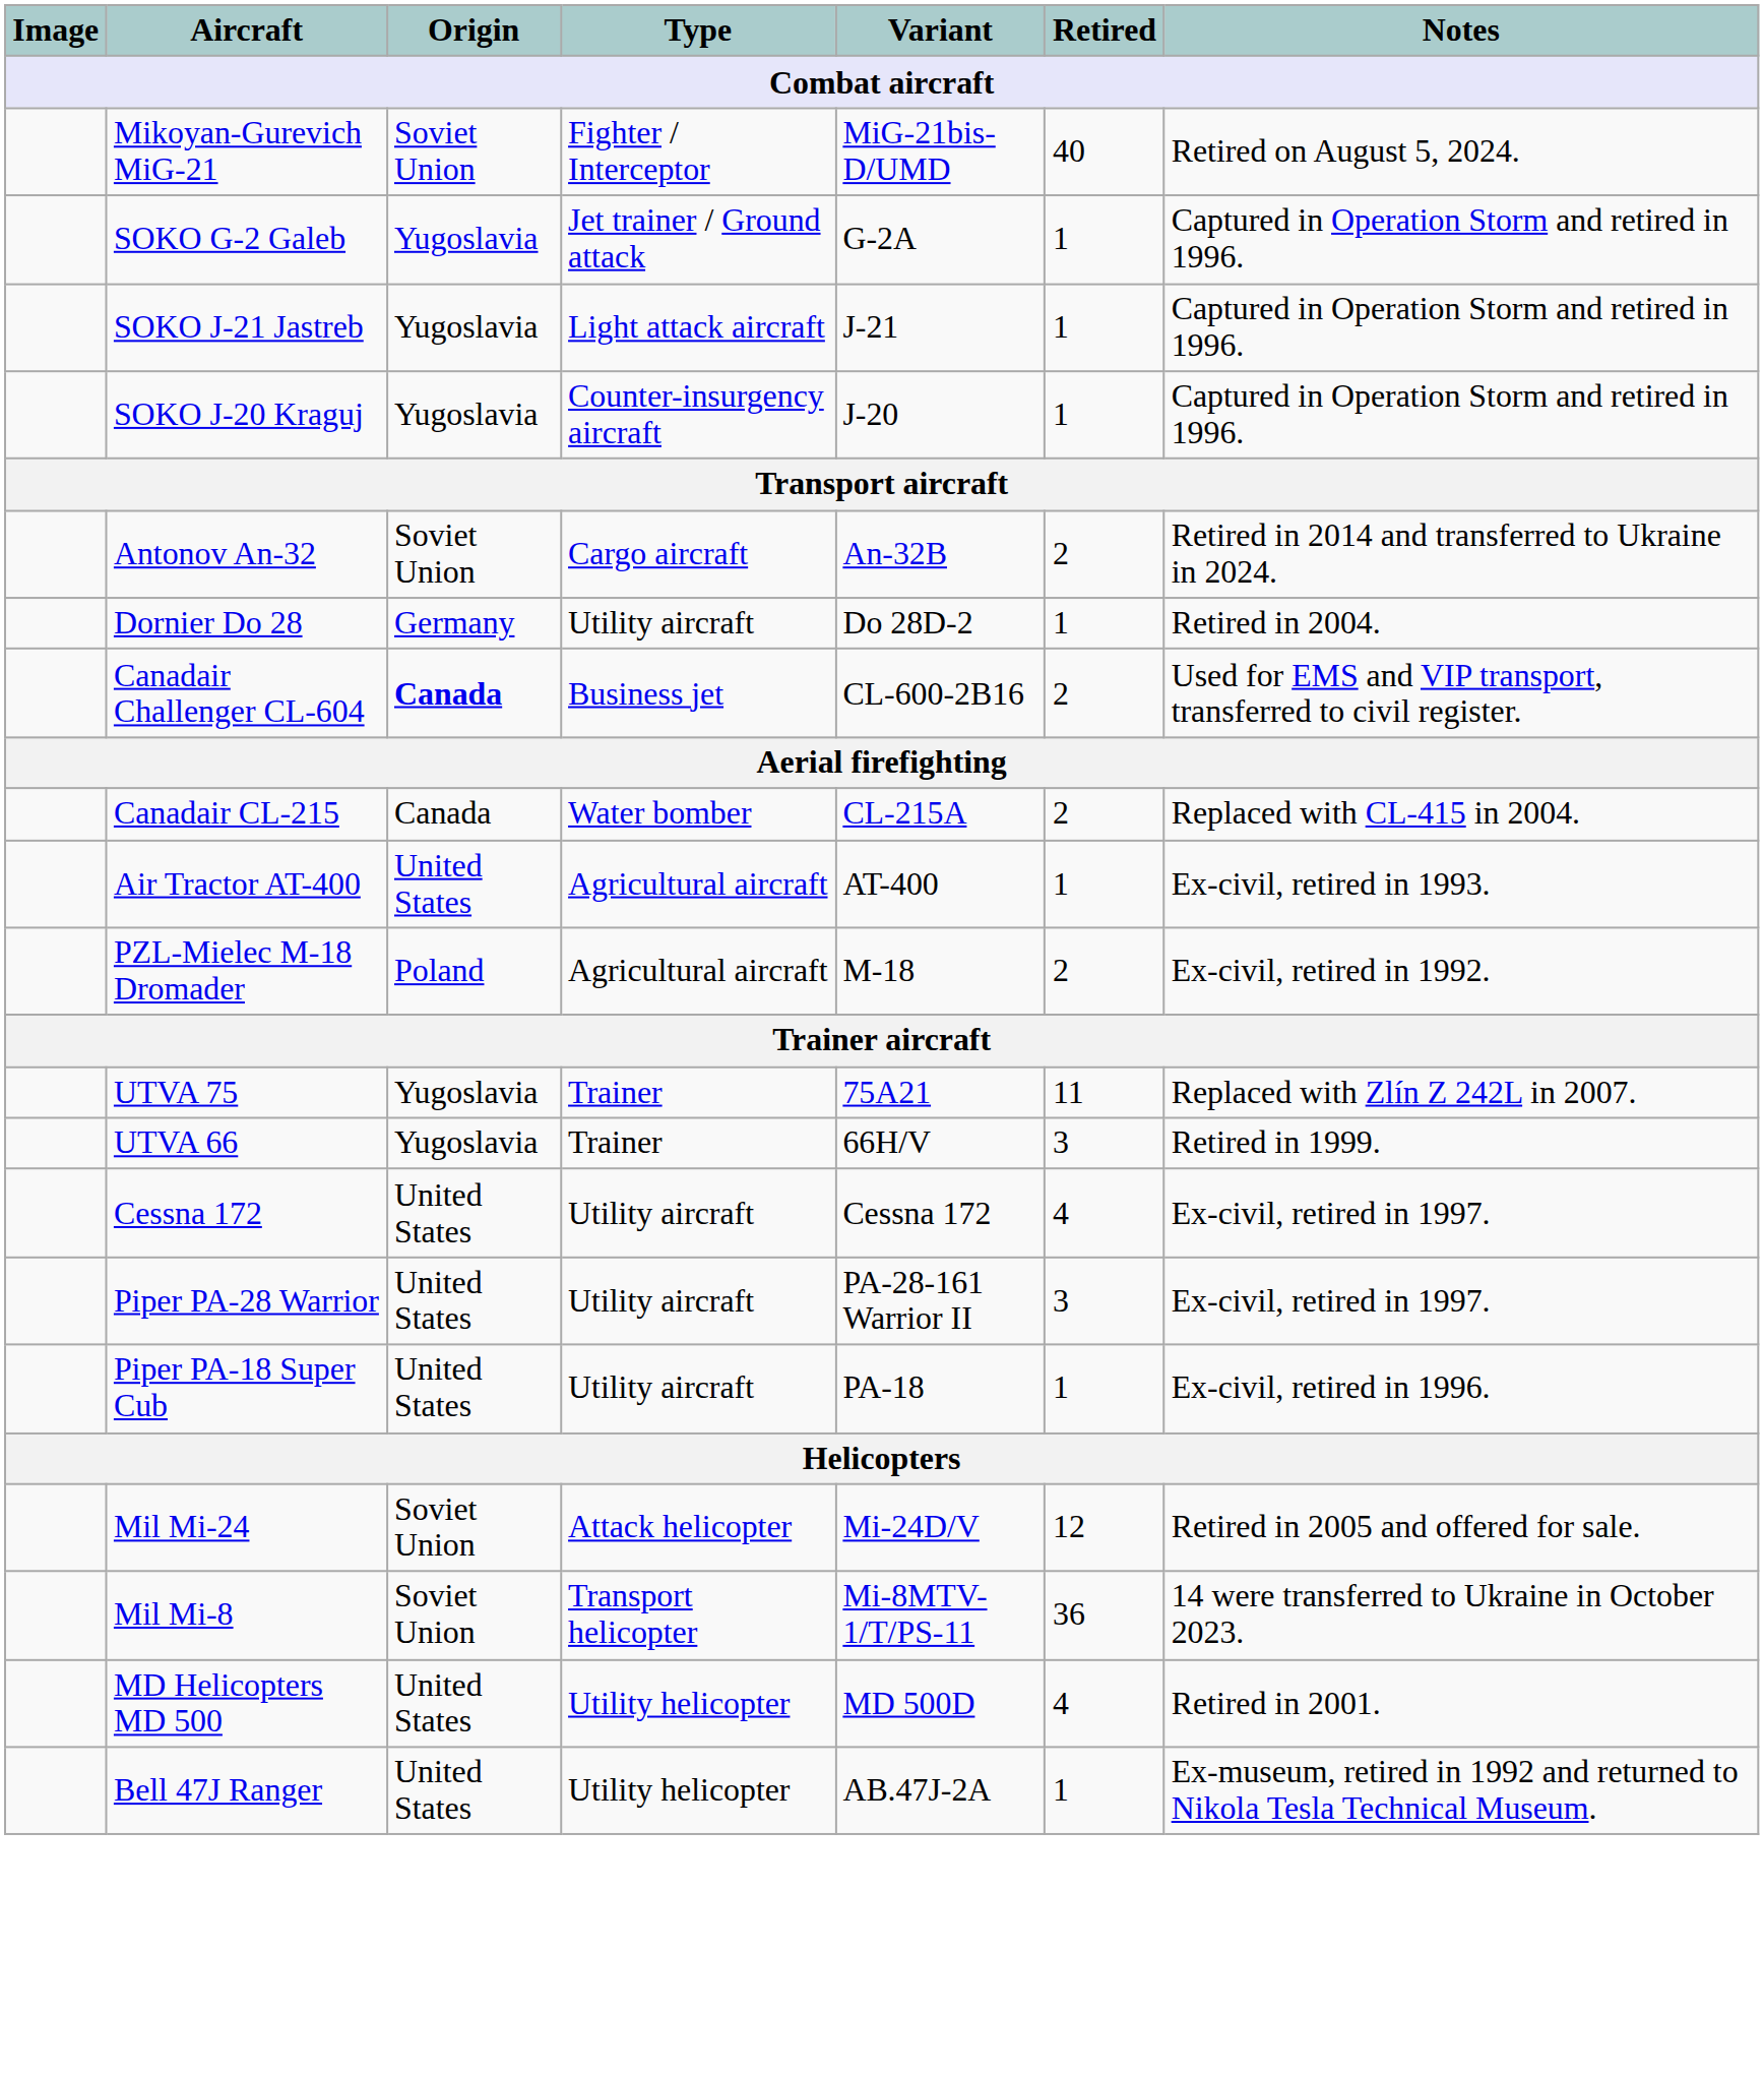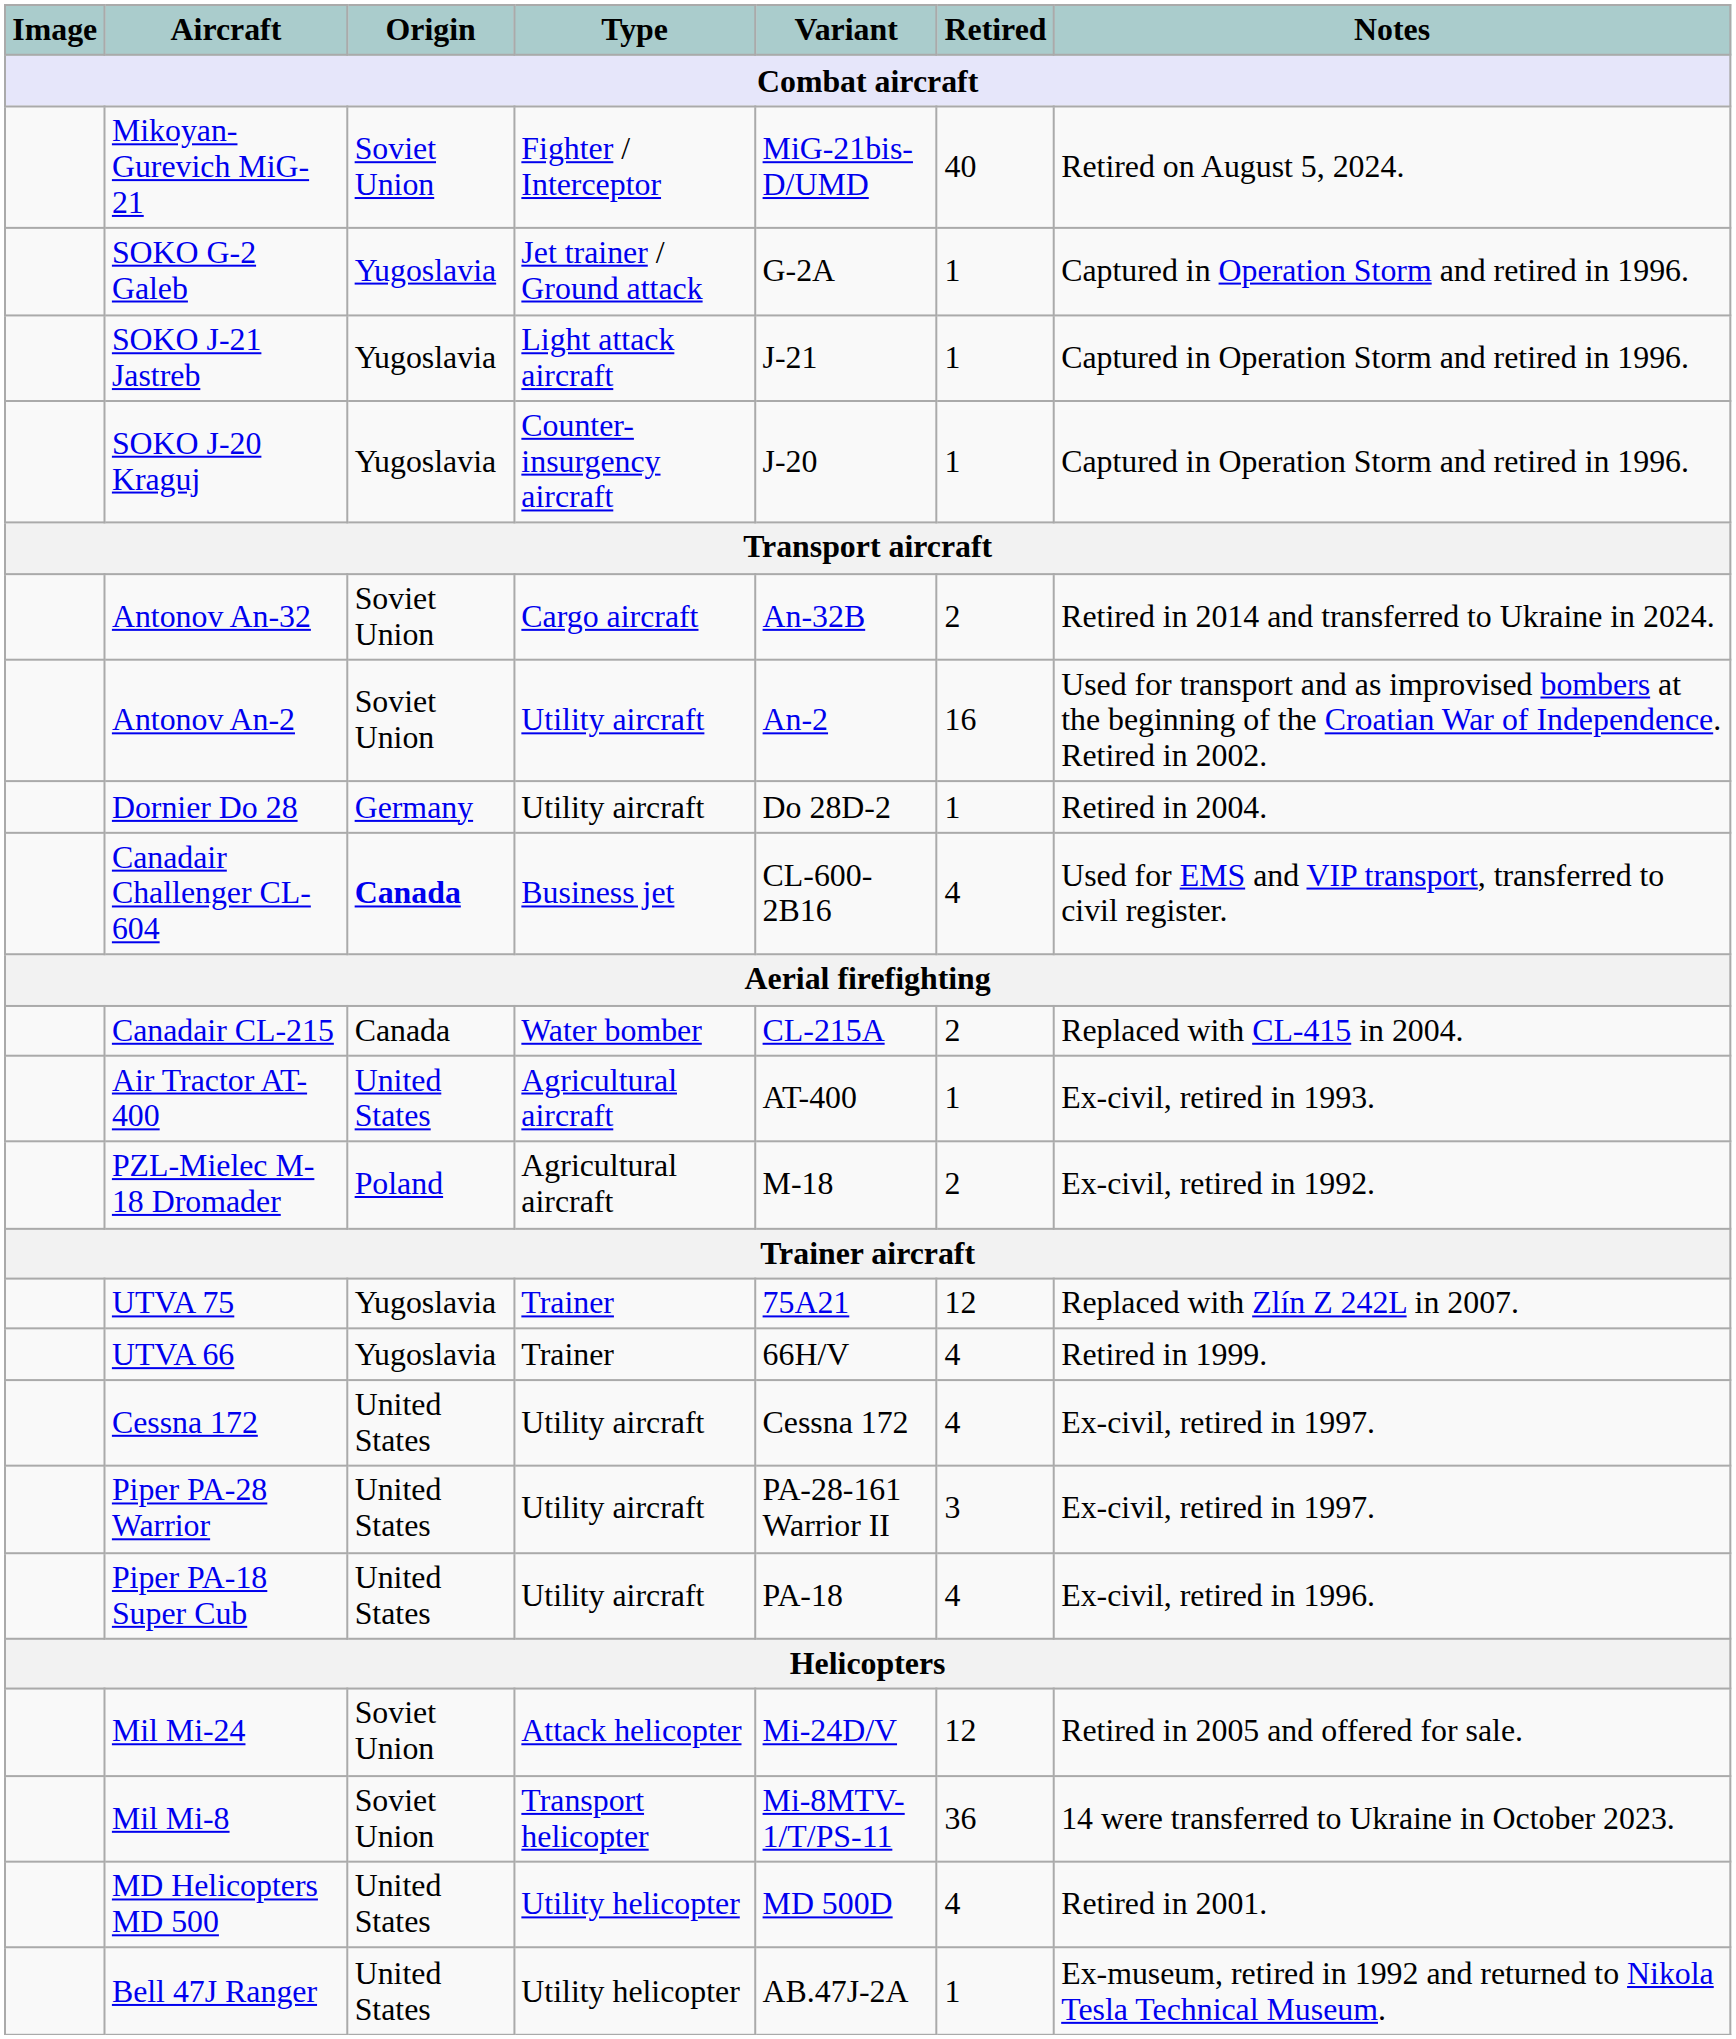 <table class="wikitable">
 <tr>
 <th style="text-align:center; background:#acc;">Image</th>
 <th style="text-align:center; background:#acc;">Aircraft</th>
 <th style="text-align:center; background:#acc;">Origin</th>
 <th style="text-align:center; background:#acc;">Type</th>
 <th style="text-align:center; background:#acc;">Variant</th>
 <th style="text-align:center; background:#acc;">Retired</th>
 <th style="text-align:center; background:#acc;">Notes</th>
 </tr>
 <tr>
 <th colspan="7" style="align: center; background: lavender;">Combat aircraft</th>
 </tr>
 <tr>
 <td></td>
 <td><a href='#'>Mikoyan-Gurevich MiG-21</a></td>
 <td><a href='#'>Soviet Union</a></td>
 <td><a href='#'>Fighter</a> / <a href='#'>Interceptor</a></td>
 <td><a href='#'>MiG-21bis-D/UMD</a></td>
 <td>40</td>
 <td>Retired on August 5, 2024.</td>
 </tr>
 <tr>
 <td></td>
 <td><a href='#'>SOKO G-2 Galeb</a></td>
 <td><a href='#'>Yugoslavia</a></td>
 <td><a href='#'>Jet trainer</a> / <a href='#'>Ground attack</a></td>
 <td>G-2A</td>
 <td>1</td>
 <td>Captured in <a href='#'>Operation Storm</a> and retired in 1996.</td>
 </tr>
 <tr>
 <td></td>
 <td><a href='#'>SOKO J-21 Jastreb</a></td>
 <td>Yugoslavia</td>
 <td><a href='#'>Light attack aircraft</a></td>
 <td>J-21</td>
 <td>1</td>
 <td>Captured in Operation Storm and retired in 1996.</td>
 </tr>
 <tr>
 <td></td>
 <td><a href='#'>SOKO J-20 Kraguj</a></td>
 <td>Yugoslavia</td>
 <td><a href='#'>Counter-insurgency aircraft</a></td>
 <td>J-20</td>
 <td>1</td>
 <td>Captured in Operation Storm and retired in 1996.</td>
 </tr>
 <tr>
 <th colspan="7">Transport aircraft</th>
 </tr>
 <tr>
 <td></td>
 <td><a href='#'>Antonov An-32</a></td>
 <td>Soviet Union</td>
 <td><a href='#'>Cargo aircraft</a></td>
 <td><a href='#'>An-32B</a></td>
 <td>2</td>
 <td>Retired in 2014 and transferred to Ukraine in 2024.</td>
 </tr>
 <tr>
 <td></td>
+<td><a href='#'>Antonov An-2</a></td>
+<td>Soviet Union</td>
+<td><a href='#'>Utility aircraft</a></td>
+<td><a href='#'>An-2</a></td>
+<td>16</td>
+<td>Used for transport and as improvised <a href='#'>bombers</a> at the beginning of the <a href='#'>Croatian War of Independence</a>. Retired in 2002.</td>
+</tr>
+<tr>
+<td></td>
 <td><a href='#'>Dornier Do 28</a></td>
 <td><a href='#'>Germany</a></td>
 <td>Utility aircraft</td>
 <td>Do 28D-2</td>
 <td>1</td>
 <td>Retired in 2004.</td>
 </tr>
 <tr>
 <td></td>
 <td><a href='#'>Canadair Challenger CL-604</a></td>
 <td><strong><a href='#'>Canada</a></strong></td>
 <td><a href='#'>Business jet</a></td>
 <td>CL-600-2B16</td>
-<td>2</td>
+<td>4</td>
 <td>Used for <a href='#'>EMS</a> and <a href='#'>VIP transport</a>, transferred to civil register.</td>
 </tr>
 <tr>
 <th colspan="7">Aerial firefighting</th>
 </tr>
 <tr>
 <td></td>
 <td><a href='#'>Canadair CL-215</a></td>
 <td>Canada</td>
 <td><a href='#'>Water bomber</a></td>
 <td><a href='#'>CL-215A</a></td>
 <td>2</td>
 <td>Replaced with <a href='#'>CL-415</a> in 2004.</td>
 </tr>
 <tr>
 <td></td>
 <td><a href='#'>Air Tractor AT-400</a></td>
 <td><a href='#'>United States</a></td>
 <td><a href='#'>Agricultural aircraft</a></td>
 <td>AT-400</td>
 <td>1</td>
 <td>Ex-civil, retired in 1993.</td>
 </tr>
 <tr>
 <td></td>
 <td><a href='#'>PZL-Mielec M-18 Dromader</a></td>
 <td><a href='#'>Poland</a></td>
 <td>Agricultural aircraft</td>
 <td>M-18</td>
 <td>2</td>
 <td>Ex-civil, retired in 1992.</td>
 </tr>
 <tr>
 <th colspan="7">Trainer aircraft</th>
 </tr>
 <tr>
 <td></td>
 <td><a href='#'>UTVA 75</a></td>
 <td>Yugoslavia</td>
 <td><a href='#'>Trainer</a></td>
 <td><a href='#'>75A21</a></td>
-<td>11</td>
+<td>12</td>
 <td>Replaced with <a href='#'>Zlín Z 242L</a> in 2007.</td>
 </tr>
 <tr>
 <td></td>
 <td><a href='#'>UTVA 66</a></td>
 <td>Yugoslavia</td>
 <td>Trainer</td>
 <td>66H/V</td>
-<td>3</td>
+<td>4</td>
 <td>Retired in 1999.</td>
 </tr>
 <tr>
 <td></td>
 <td><a href='#'>Cessna 172</a></td>
 <td>United States</td>
 <td>Utility aircraft</td>
 <td>Cessna 172</td>
 <td>4</td>
 <td>Ex-civil, retired in 1997.</td>
 </tr>
 <tr>
 <td></td>
 <td><a href='#'>Piper PA-28 Warrior</a></td>
 <td>United States</td>
 <td>Utility aircraft</td>
 <td>PA-28-161 Warrior II</td>
 <td>3</td>
 <td>Ex-civil, retired in 1997.</td>
 </tr>
 <tr>
 <td></td>
 <td><a href='#'>Piper PA-18 Super Cub</a></td>
 <td>United States</td>
 <td>Utility aircraft</td>
 <td>PA-18</td>
-<td>1</td>
+<td>4</td>
 <td>Ex-civil, retired in 1996.</td>
 </tr>
 <tr>
 <th colspan="7">Helicopters</th>
 </tr>
 <tr>
 <td></td>
 <td><a href='#'>Mil Mi-24</a></td>
 <td>Soviet Union</td>
 <td><a href='#'>Attack helicopter</a></td>
 <td><a href='#'>Mi-24D/V</a></td>
 <td>12</td>
 <td>Retired in 2005 and offered for sale.</td>
 </tr>
 <tr>
 <td></td>
 <td><a href='#'>Mil Mi-8</a></td>
 <td>Soviet Union</td>
 <td><a href='#'>Transport helicopter</a></td>
 <td><a href='#'>Mi-8MTV-1/T/PS-11</a></td>
 <td>36</td>
 <td>14 were transferred to Ukraine in October 2023.</td>
 </tr>
 <tr>
 <td></td>
 <td><a href='#'>MD Helicopters MD 500</a></td>
 <td>United States</td>
 <td><a href='#'>Utility helicopter</a></td>
 <td><a href='#'>MD 500D</a></td>
 <td>4</td>
 <td>Retired in 2001.</td>
 </tr>
 <tr>
 <td></td>
 <td><a href='#'>Bell 47J Ranger</a></td>
 <td>United States</td>
 <td>Utility helicopter</td>
 <td>AB.47J-2A</td>
 <td>1</td>
 <td>Ex-museum, retired in 1992 and returned to <a href='#'>Nikola Tesla Technical Museum</a>.</td>
 </tr>
 </table>
